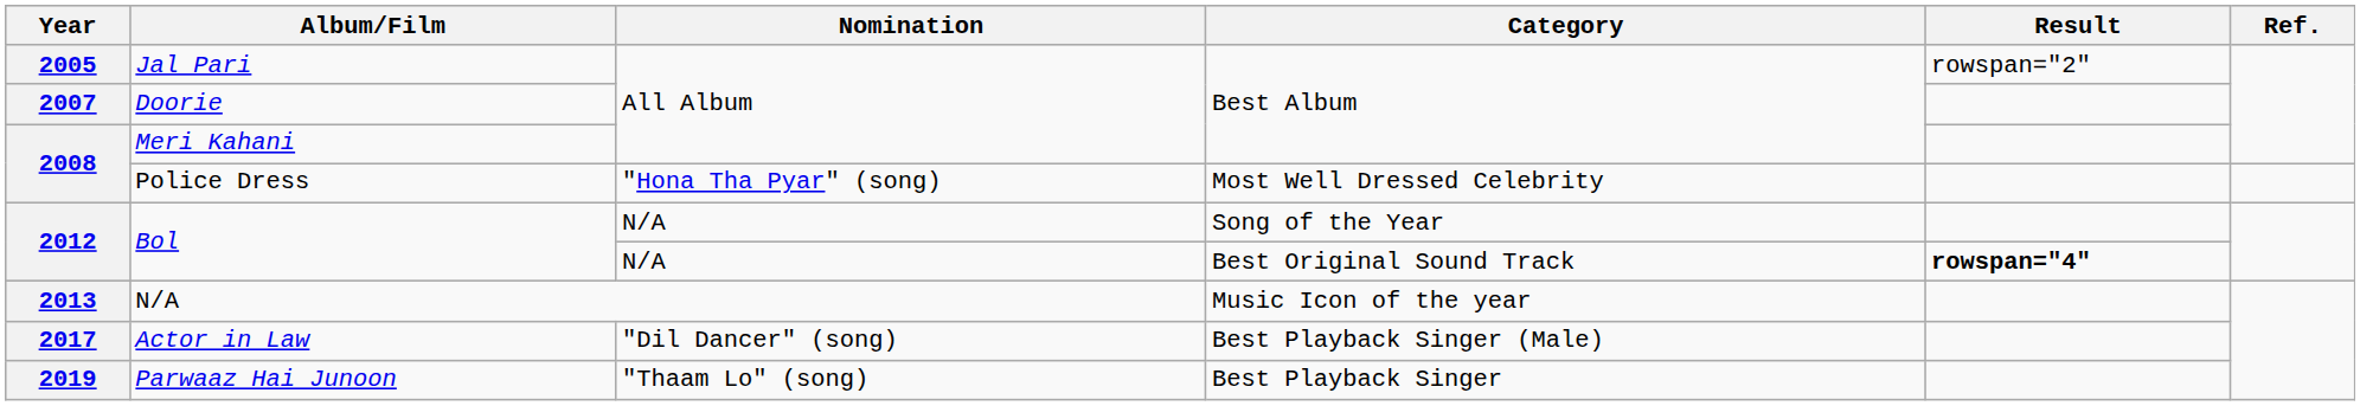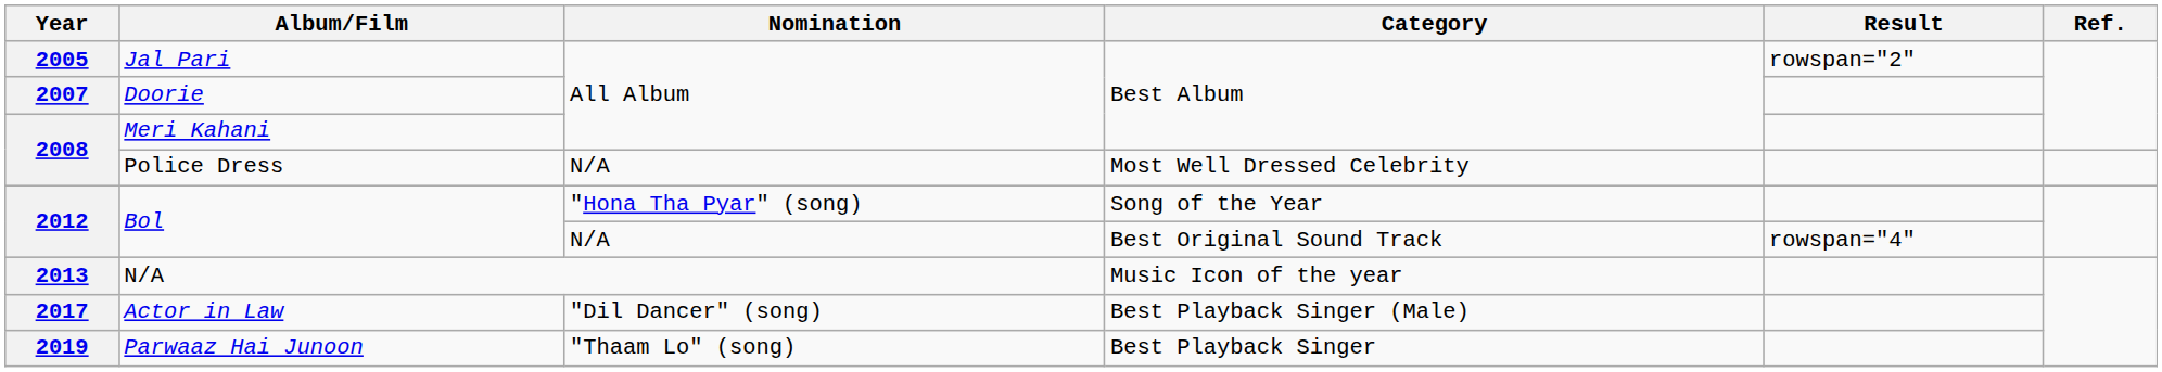 <table class="wikitable plainrowheaders" width="100%" "textcolor:#000;">
 <tr>
 <th>Year</th>
 <th>Album/Film</th>
 <th>Nomination</th>
 <th>Category</th>
 <th>Result</th>
 <th>Ref.</th>
 </tr>
 <tr>
 <th><a href='#'>2005</a></th>
 <td><em><a href='#'>Jal Pari</a></em></td>
 <td rowspan="3">All Album</td>
 <td rowspan="3">Best Album</td>
 <td>rowspan="2" </td>
 <td rowspan="3"></td>
 </tr>
 <tr>
 <th><a href='#'>2007</a></th>
 <td><em><a href='#'>Doorie</a></em></td>
 </tr>
 <tr>
 <th rowspan="2"><a href='#'>2008</a></th>
 <td><em><a href='#'>Meri Kahani</a></em></td>
 <td></td>
 </tr>
 <tr>
 <td>Police Dress</td>
-<td>"<a href='#'>Hona Tha Pyar</a>" (song)</td>
+<td>N/A</td>
 <td>Most Well Dressed Celebrity</td>
 <td></td>
 <td></td>
 </tr>
 <tr>
 <th rowspan="2"><a href='#'>2012</a></th>
 <td rowspan="2"><em><a href='#'>Bol</a></em></td>
-<td>N/A</td>
+<td>"<a href='#'>Hona Tha Pyar</a>" (song)</td>
 <td>Song of the Year</td>
 <td></td>
 <td rowspan="2"></td>
 </tr>
 <tr>
 <td>N/A</td>
 <td>Best Original Sound Track</td>
-<td><strong>rowspan="4" </strong></td>
+<td>rowspan="4" </td>
 </tr>
 <tr>
 <th><a href='#'>2013</a></th>
 <td colspan="2">N/A</td>
 <td>Music Icon of the year</td>
 <td></td>
 </tr>
 <tr>
 <th><a href='#'>2017</a></th>
 <td><em><a href='#'>Actor in Law</a></em></td>
 <td>"Dil Dancer" (song)</td>
 <td>Best Playback Singer (Male)</td>
 <td></td>
 </tr>
 <tr>
 <th><a href='#'>2019</a></th>
 <td><em><a href='#'>Parwaaz Hai Junoon</a></em></td>
 <td>"Thaam Lo" (song)</td>
 <td>Best Playback Singer</td>
 <td></td>
 </tr>
 </table>
